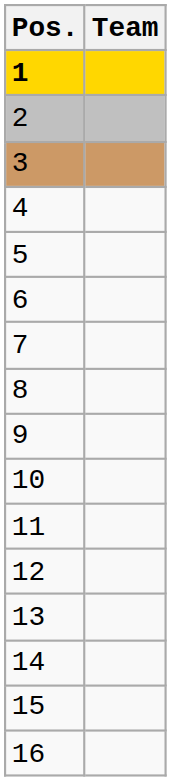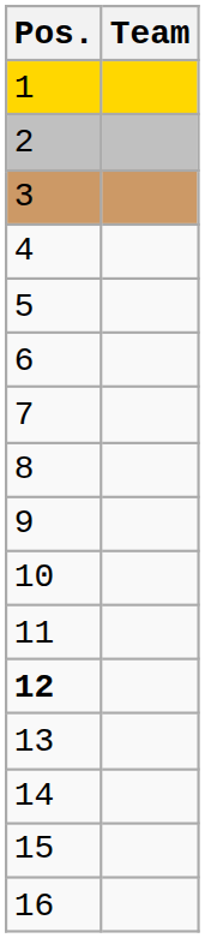 <table class="wikitable">
 <tr>
 <th width=>Pos.</th>
 <th width=>Team</th>
 </tr>
 <tr style="background:gold;">
-<td><strong>1</strong></td>
+<td>1</td>
 <td></td>
 </tr>
 <tr style="background:silver;">
 <td>2</td>
 <td></td>
 </tr>
 <tr style="background:#cc9966;">
 <td>3</td>
 <td></td>
 </tr>
 <tr>
 <td>4</td>
 <td></td>
 </tr>
 <tr>
 <td>5</td>
 <td></td>
 </tr>
 <tr>
 <td>6</td>
 <td></td>
 </tr>
 <tr>
 <td>7</td>
 <td></td>
 </tr>
 <tr>
 <td>8</td>
 <td></td>
 </tr>
 <tr>
 <td>9</td>
 <td></td>
 </tr>
 <tr>
 <td>10</td>
 <td></td>
 </tr>
 <tr>
 <td>11</td>
 <td></td>
 </tr>
 <tr>
-<td>12</td>
+<td><strong>12</strong></td>
 <td></td>
 </tr>
 <tr>
 <td>13</td>
 <td></td>
 </tr>
 <tr>
 <td>14</td>
 <td></td>
 </tr>
 <tr>
 <td>15</td>
 <td></td>
 </tr>
 <tr>
 <td>16</td>
 <td></td>
 </tr>
 </table>
